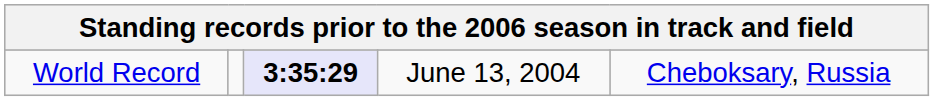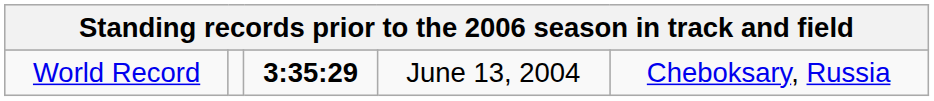 <table class="wikitable" style=" text-align:center; font-size:110%;" width="95%">
 <tr>
 <th colspan="5">Standing records prior to the 2006 season in track and field</th>
 </tr>
 <tr>
 <td><a href='#'>World Record</a></td>
 <td></td>
-<td style="background: lavender;"><strong>3:35:29</strong></td>
+<td><strong>3:35:29</strong></td>
 <td>June 13, 2004</td>
 <td> <a href='#'>Cheboksary</a>, <a href='#'>Russia</a></td>
 </tr>
 </table>
